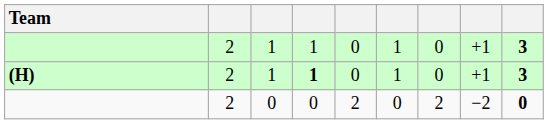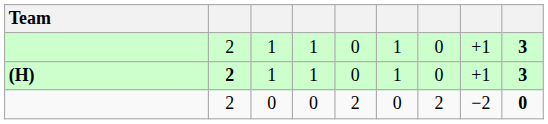 <table class="wikitable" style="text-align: center;">
 <tr>
 <th width=175 style="text-align:left;">Team</th>
 <th width=30></th>
 <th width=30></th>
 <th width=30></th>
 <th width=30></th>
 <th width=30></th>
 <th width=30></th>
 <th width=30></th>
 <th width=30></th>
 </tr>
 <tr style="background:#ccffcc;">
 <td style="text-align:left;"></td>
 <td>2</td>
 <td>1</td>
 <td>1</td>
 <td>0</td>
 <td>1</td>
 <td>0</td>
 <td>+1</td>
 <td><strong>3</strong></td>
 </tr>
 <tr style="background:#ccffcc;">
 <td style="text-align:left;"> <strong>(H)</strong></td>
-<td>2</td>
+<td><strong>2</strong></td>
 <td>1</td>
-<td><strong>1</strong></td>
+<td>1</td>
 <td>0</td>
 <td>1</td>
 <td>0</td>
 <td>+1</td>
 <td><strong>3</strong></td>
 </tr>
 <tr>
 <td style="text-align:left;"></td>
 <td>2</td>
 <td>0</td>
 <td>0</td>
 <td>2</td>
 <td>0</td>
 <td>2</td>
 <td>−2</td>
 <td><strong>0</strong></td>
 </tr>
 </table>
